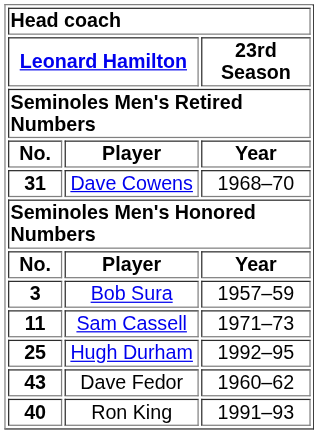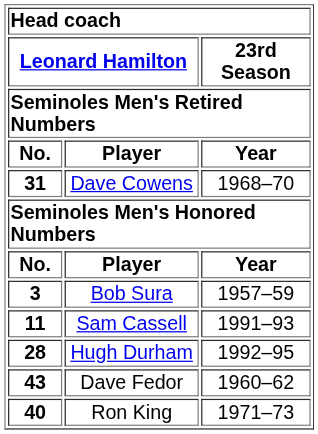 <table style="float: right;" border="1">
 <tr>
 <td colspan="3"><strong>Head coach</strong></td>
 </tr>
 <tr>
 <td colspan="2" style="background:white; color:#000; text-align: center;"><strong><a href='#'>Leonard Hamilton</a></strong></td>
 <td style="text-align: center;"><strong>23rd Season</strong></td>
 </tr>
 <tr>
 <td colspan="3"><strong>Seminoles Men's Retired Numbers</strong></td>
 </tr>
 <tr>
 <th style="width:40px; ">No.</th>
 <th style="width:105px; ">Player</th>
 <th style="width:85px; ">Year</th>
 </tr>
 <tr align=center>
 <td><strong>31</strong></td>
 <td><a href='#'>Dave Cowens</a></td>
 <td>1968–70</td>
 </tr>
 <tr>
 <td colspan="3"><strong>Seminoles Men's Honored Numbers</strong></td>
 </tr>
 <tr>
 <th style="width:40px; ">No.</th>
 <th style="width:105px; ">Player</th>
 <th style="width:85px; ">Year</th>
 </tr>
 <tr align=center>
 <td><strong>3</strong></td>
 <td><a href='#'>Bob Sura</a></td>
 <td>1957–59</td>
 </tr>
 <tr align=center>
 <td><strong>11</strong></td>
 <td><a href='#'>Sam Cassell</a></td>
-<td>1971–73</td>
+<td>1991–93</td>
 </tr>
 <tr align=center>
-<td><strong>25</strong></td>
+<td><strong>28</strong></td>
 <td><a href='#'>Hugh Durham</a></td>
 <td>1992–95</td>
 </tr>
 <tr align=center>
 <td><strong>43</strong></td>
 <td>Dave Fedor</td>
 <td>1960–62</td>
 </tr>
 <tr align=center>
 <td><strong>40</strong></td>
 <td>Ron King</td>
-<td>1991–93</td>
+<td>1971–73</td>
 </tr>
 </table>
